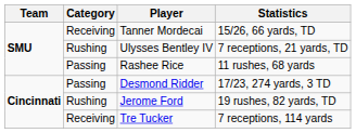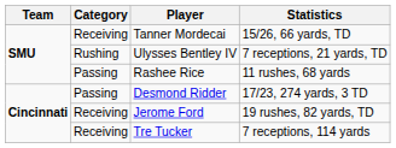 <table class="wikitable" style="float: left;">
 <tr>
 <th>Team</th>
 <th>Category</th>
 <th>Player</th>
 <th>Statistics</th>
 </tr>
 <tr>
 <td rowspan=3><strong>SMU</strong></td>
 <td>Receiving</td>
 <td>Tanner Mordecai</td>
 <td>15/26, 66 yards, TD</td>
 </tr>
 <tr>
 <td>Rushing</td>
 <td>Ulysses Bentley IV</td>
 <td>7 receptions, 21 yards, TD</td>
 </tr>
 <tr>
 <td>Passing</td>
 <td>Rashee Rice</td>
 <td>11 rushes, 68 yards</td>
 </tr>
 <tr>
 <td rowspan=3><strong>Cincinnati</strong></td>
 <td>Passing</td>
 <td><a href='#'>Desmond Ridder</a></td>
 <td>17/23, 274 yards, 3 TD</td>
 </tr>
 <tr>
-<td>Rushing</td>
+<td>Receiving</td>
 <td><a href='#'>Jerome Ford</a></td>
 <td>19 rushes, 82 yards, TD</td>
 </tr>
 <tr>
 <td>Receiving</td>
 <td><a href='#'>Tre Tucker</a></td>
 <td>7 receptions, 114 yards</td>
 </tr>
 </table>
